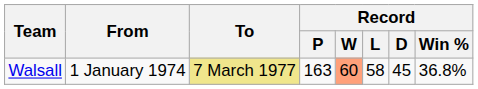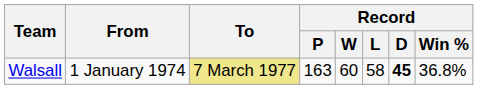 <table class="wikitable">
 <tr>
 <th rowspan="2">Team</th>
 <th rowspan="2">From</th>
 <th rowspan="2">To</th>
 <th colspan="5">Record</th>
 </tr>
 <tr>
 <th>P</th>
 <th>W</th>
 <th>L</th>
 <th>D</th>
 <th>Win %</th>
 </tr>
 <tr>
 <td><a href='#'>Walsall</a></td>
 <td>1 January 1974</td>
 <td style="background: khaki;">7 March 1977</td>
 <td>163</td>
-<td style="background: lightsalmon;">60</td>
+<td>60</td>
 <td>58</td>
-<td>45</td>
+<td><strong>45</strong></td>
 <td>36.8%</td>
 </tr>
 </table>
